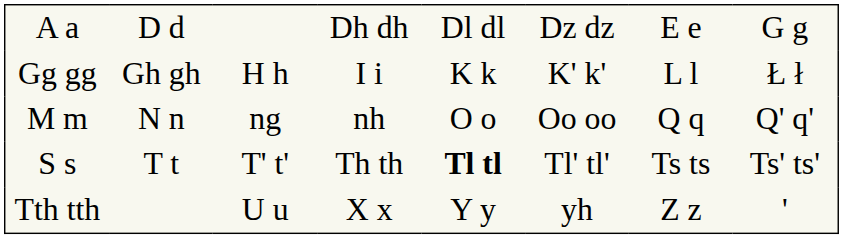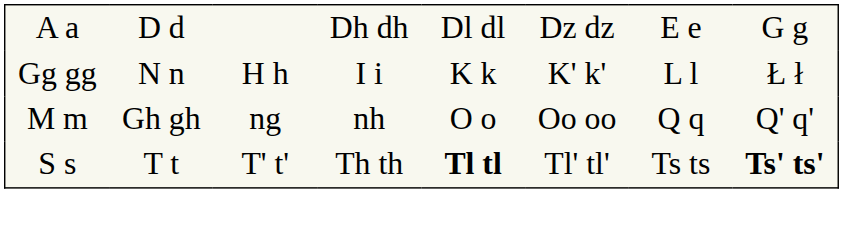 <table style="font-family:Arial Unicode MS; font-size:1.4em; border-color:#000000; border-width:1px; border-style:solid; border-collapse:collapse; background-color:#F8F8EF">
 <tr>
 <td style="width:3em; text-align:center; padding: 3px;">A a</td>
 <td style="width:3em; text-align:center; padding: 3px;">D d</td>
 <td style="width:3em; text-align:center; padding: 3px;"></td>
 <td style="width:3em; text-align:center; padding: 3px;">Dh dh</td>
 <td style="width:3em; text-align:center; padding: 3px;">Dl dl</td>
 <td style="width:3em; text-align:center; padding: 3px;">Dz dz</td>
 <td style="width:3em; text-align:center; padding: 3px;">E e</td>
 <td style="width:3em; text-align:center; padding: 3px;">G g</td>
 </tr>
 <tr>
 <td style="width:3em; text-align:center; padding: 3px;">Gg gg</td>
-<td style="width:3em; text-align:center; padding: 3px;">Gh gh</td>
+<td style="width:3em; text-align:center; padding: 3px;">N n</td>
 <td style="width:3em; text-align:center; padding: 3px;">H h</td>
 <td style="width:3em; text-align:center; padding: 3px;">I i</td>
 <td style="width:3em; text-align:center; padding: 3px;">K k</td>
 <td style="width:3em; text-align:center; padding: 3px;">K' k'</td>
 <td style="width:3em; text-align:center; padding: 3px;">L l</td>
 <td style="width:3em; text-align:center; padding: 3px;">Ł ł</td>
 </tr>
 <tr>
 <td style="width:3em; text-align:center; padding: 3px;">M m</td>
-<td style="width:3em; text-align:center; padding: 3px;">N n</td>
+<td style="width:3em; text-align:center; padding: 3px;">Gh gh</td>
 <td style="width:3em; text-align:center; padding: 3px;">ng</td>
 <td style="width:3em; text-align:center; padding: 3px;">nh</td>
 <td style="width:3em; text-align:center; padding: 3px;">O o</td>
 <td style="width:3em; text-align:center; padding: 3px;">Oo oo</td>
 <td style="width:3em; text-align:center; padding: 3px;">Q q</td>
 <td style="width:3em; text-align:center; padding: 3px;">Q' q'</td>
 </tr>
 <tr>
 <td style="width:3em; text-align:center; padding: 3px;">S s</td>
 <td style="width:3em; text-align:center; padding: 3px;">T t</td>
 <td style="width:3em; text-align:center; padding: 3px;">T' t'</td>
 <td style="width:3em; text-align:center; padding: 3px;">Th th</td>
 <td style="width:3em; text-align:center; padding: 3px;"><strong>Tl tl</strong></td>
 <td style="width:3em; text-align:center; padding: 3px;">Tl' tl'</td>
 <td style="width:3em; text-align:center; padding: 3px;">Ts ts</td>
-<td style="width:3em; text-align:center; padding: 3px;">Ts' ts'</td>
-</tr>
-<tr>
-<td style="width:3em; text-align:center; padding: 3px;">Tth tth</td>
-<td style="width:3em; text-align:center; padding: 3px;"></td>
-<td style="width:3em; text-align:center; padding: 3px;">U u</td>
-<td style="width:3em; text-align:center; padding: 3px;">X x</td>
-<td style="width:3em; text-align:center; padding: 3px;">Y y</td>
-<td style="width:3em; text-align:center; padding: 3px;">yh</td>
-<td style="width:3em; text-align:center; padding: 3px;">Z z</td>
-<td style="width:3em; text-align:center; padding: 3px;">'</td>
+<td style="width:3em; text-align:center; padding: 3px;"><strong>Ts' ts'</strong></td>
 </tr>
 </table>
